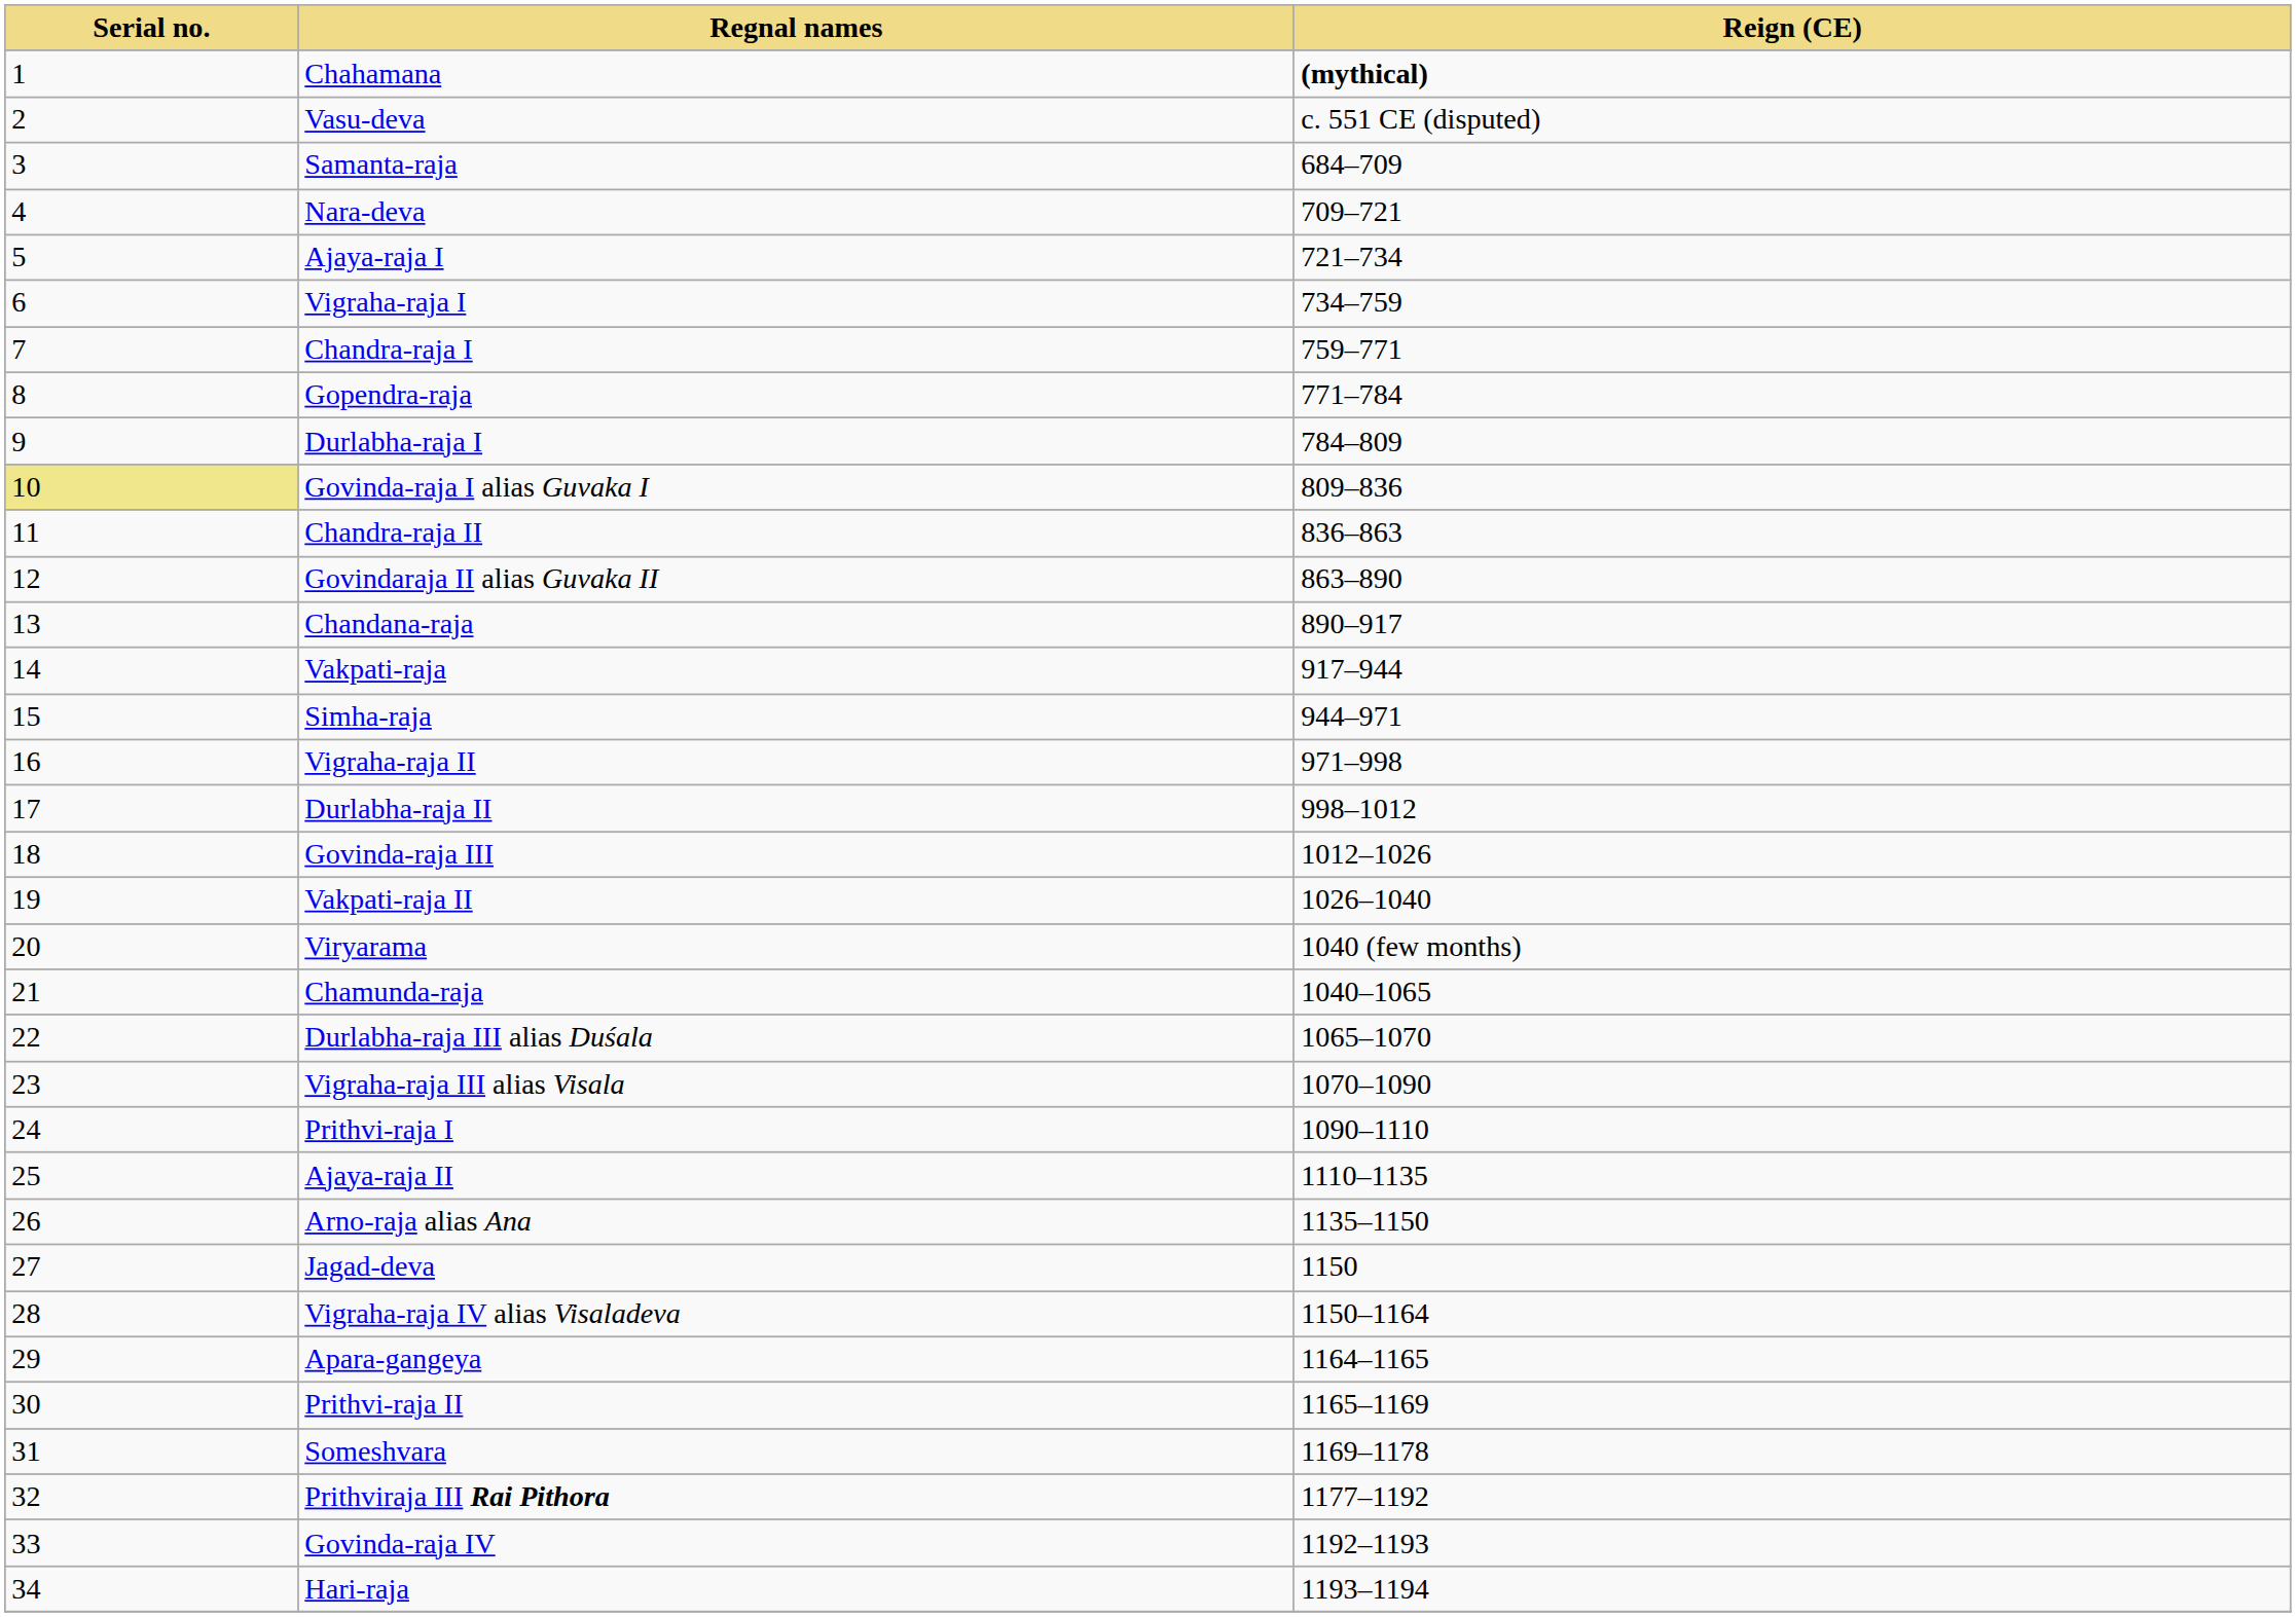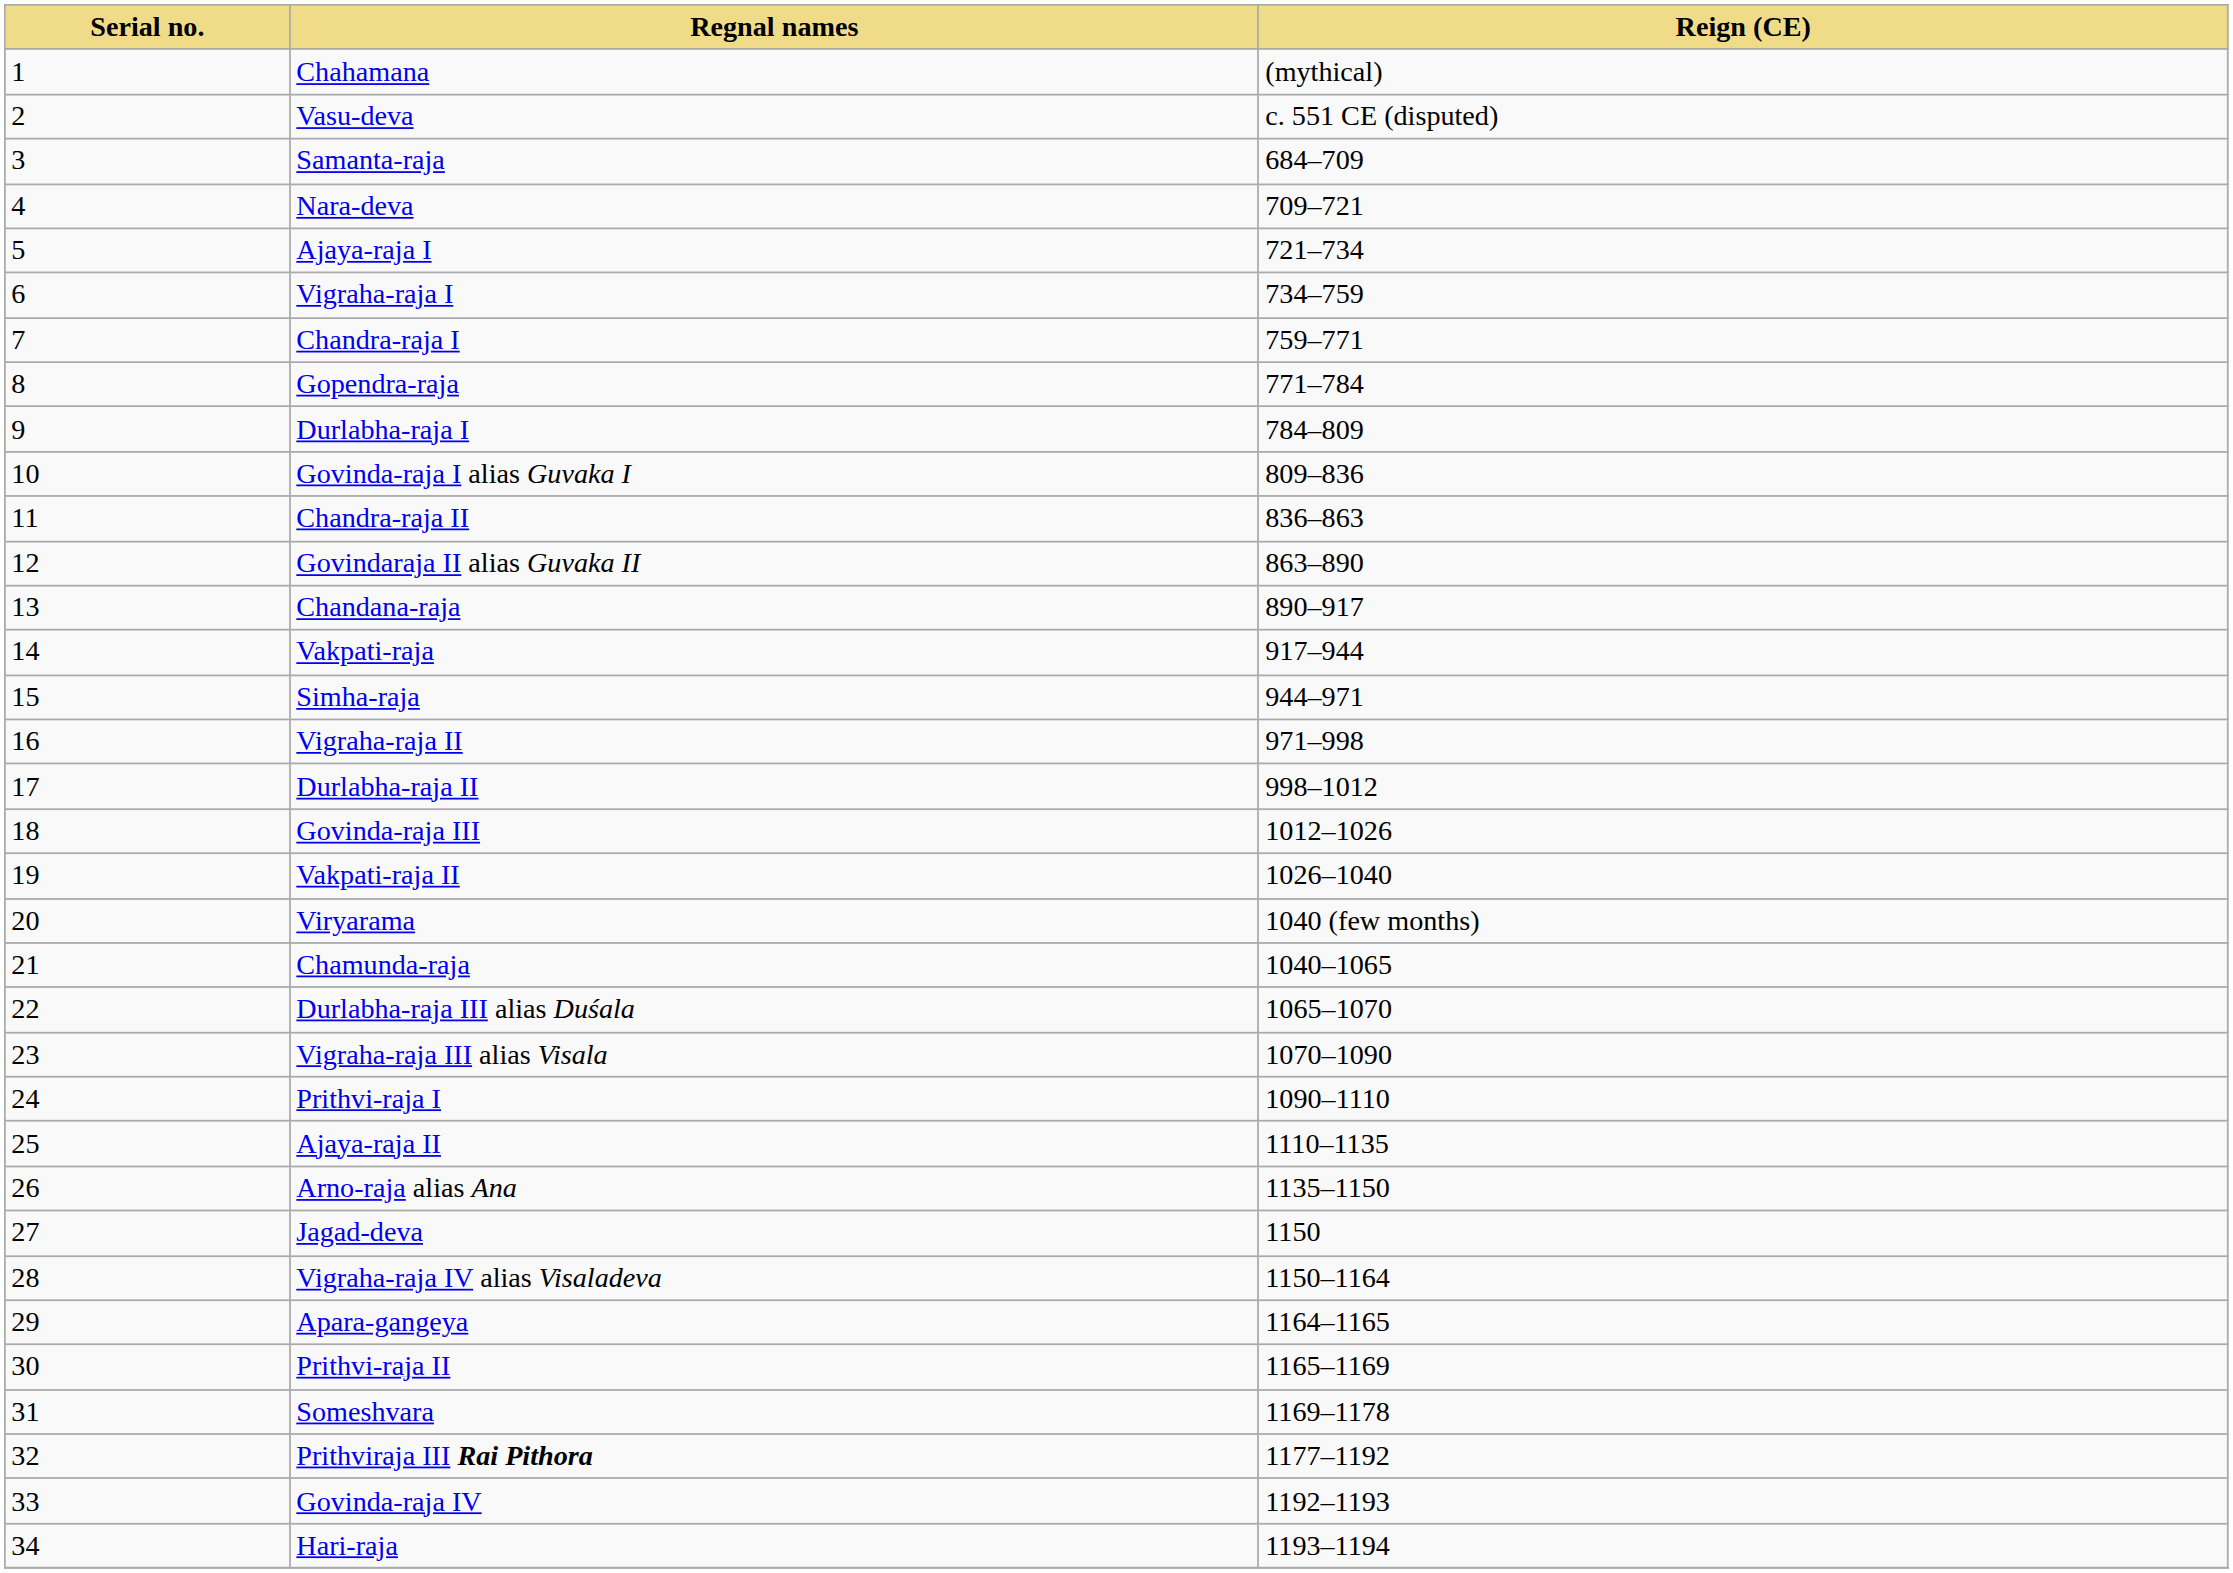 <table style="width:100%;" class="wikitable">
 <tr>
 <th style="background:#f0dc88; width:5%;">Serial no.</th>
 <th style="background:#f0dc88; width:17%;">Regnal names</th>
 <th style="background:#f0dc88; width:17%;">Reign (CE)</th>
 </tr>
 <tr>
 <td>1</td>
 <td><a href='#'>Chahamana</a></td>
-<td><strong>(mythical)</strong></td>
+<td>(mythical)</td>
 </tr>
 <tr>
 <td>2</td>
 <td><a href='#'>Vasu-deva</a></td>
 <td>c. 551 CE (disputed)</td>
 </tr>
 <tr>
 <td>3</td>
 <td><a href='#'>Samanta-raja</a></td>
 <td>684–709</td>
 </tr>
 <tr>
 <td>4</td>
 <td><a href='#'>Nara-deva</a></td>
 <td>709–721</td>
 </tr>
 <tr>
 <td>5</td>
 <td><a href='#'>Ajaya-raja I</a></td>
 <td>721–734</td>
 </tr>
 <tr>
 <td>6</td>
 <td><a href='#'>Vigraha-raja I</a></td>
 <td>734–759</td>
 </tr>
 <tr>
 <td>7</td>
 <td><a href='#'>Chandra-raja I</a></td>
 <td>759–771</td>
 </tr>
 <tr>
 <td>8</td>
 <td><a href='#'>Gopendra-raja</a></td>
 <td>771–784</td>
 </tr>
 <tr>
 <td>9</td>
 <td><a href='#'>Durlabha-raja I</a></td>
 <td>784–809</td>
 </tr>
 <tr>
-<td style="background: khaki;">10</td>
+<td>10</td>
 <td><a href='#'>Govinda-raja I</a> alias <em>Guvaka I</em></td>
 <td>809–836</td>
 </tr>
 <tr>
 <td>11</td>
 <td><a href='#'>Chandra-raja II</a></td>
 <td>836–863</td>
 </tr>
 <tr>
 <td>12</td>
 <td><a href='#'>Govindaraja II</a> alias <em>Guvaka II</em></td>
 <td>863–890</td>
 </tr>
 <tr>
 <td>13</td>
 <td><a href='#'>Chandana-raja</a></td>
 <td>890–917</td>
 </tr>
 <tr>
 <td>14</td>
 <td><a href='#'>Vakpati-raja</a></td>
 <td>917–944</td>
 </tr>
 <tr>
 <td>15</td>
 <td><a href='#'>Simha-raja</a></td>
 <td>944–971</td>
 </tr>
 <tr>
 <td>16</td>
 <td><a href='#'>Vigraha-raja II</a></td>
 <td>971–998</td>
 </tr>
 <tr>
 <td>17</td>
 <td><a href='#'>Durlabha-raja II</a></td>
 <td>998–1012</td>
 </tr>
 <tr>
 <td>18</td>
 <td><a href='#'>Govinda-raja III</a></td>
 <td>1012–1026</td>
 </tr>
 <tr>
 <td>19</td>
 <td><a href='#'>Vakpati-raja II</a></td>
 <td>1026–1040</td>
 </tr>
 <tr>
 <td>20</td>
 <td><a href='#'>Viryarama</a></td>
 <td>1040 (few months)</td>
 </tr>
 <tr>
 <td>21</td>
 <td><a href='#'>Chamunda-raja</a></td>
 <td>1040–1065</td>
 </tr>
 <tr>
 <td>22</td>
 <td><a href='#'>Durlabha-raja III</a> alias <em>Duśala</em></td>
 <td>1065–1070</td>
 </tr>
 <tr>
 <td>23</td>
 <td><a href='#'>Vigraha-raja III</a> alias <em>Visala</em></td>
 <td>1070–1090</td>
 </tr>
 <tr>
 <td>24</td>
 <td><a href='#'>Prithvi-raja I</a></td>
 <td>1090–1110</td>
 </tr>
 <tr>
 <td>25</td>
 <td><a href='#'>Ajaya-raja II</a></td>
 <td>1110–1135</td>
 </tr>
 <tr>
 <td>26</td>
 <td><a href='#'>Arno-raja</a> alias <em>Ana</em></td>
 <td>1135–1150</td>
 </tr>
 <tr>
 <td>27</td>
 <td><a href='#'>Jagad-deva</a></td>
 <td>1150</td>
 </tr>
 <tr>
 <td>28</td>
 <td><a href='#'>Vigraha-raja IV</a> alias <em>Visaladeva</em></td>
 <td>1150–1164</td>
 </tr>
 <tr>
 <td>29</td>
 <td><a href='#'>Apara-gangeya</a></td>
 <td>1164–1165</td>
 </tr>
 <tr>
 <td>30</td>
 <td><a href='#'>Prithvi-raja II</a></td>
 <td>1165–1169</td>
 </tr>
 <tr>
 <td>31</td>
 <td><a href='#'>Someshvara</a></td>
 <td>1169–1178</td>
 </tr>
 <tr>
 <td>32</td>
 <td><a href='#'>Prithviraja III</a> <strong><em>Rai Pithora</em></strong></td>
 <td>1177–1192</td>
 </tr>
 <tr>
 <td>33</td>
 <td><a href='#'>Govinda-raja IV</a></td>
 <td>1192–1193</td>
 </tr>
 <tr>
 <td>34</td>
 <td><a href='#'>Hari-raja</a></td>
 <td>1193–1194</td>
 </tr>
 <tr>
 </tr>
 </table>
